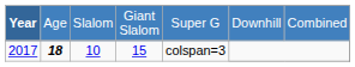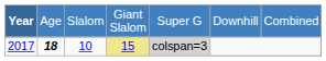 <table class="wikitable" style="font-size:95%; text-align:center; border:grey solid 1px; border-collapse:collapse;" width="40%">
 <tr style="background-color:#369; color:white;">
 <td rowspan="2" colspan="1" width="4%"><strong>Year</strong></td>
 </tr>
 <tr style="background-color:#4180be; color:white;">
 <td width="3%">Age</td>
 <td width="5%">Slalom</td>
 <td width="5%">Giant<br>Slalom</td>
 <td width="5%">Super G</td>
 <td width="5%">Downhill</td>
 <td width="5%">Combined</td>
 </tr>
 <tr style="background-color:#8CB2D8; color:white;">
 </tr>
 <tr>
 <td><a href='#'>2017</a></td>
 <td><strong><em>18</em></strong></td>
 <td><a href='#'>10</a></td>
-<td><a href='#'>15</a></td>
-<td>colspan=3 </td>
+<td style="background: khaki;"><a href='#'>15</a></td>
+<td style="background: lightgrey;">colspan=3 </td>
 </tr>
 </table>
